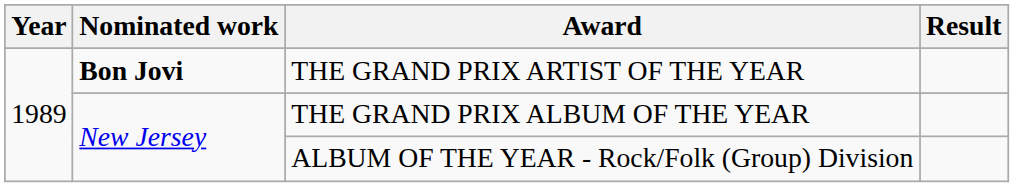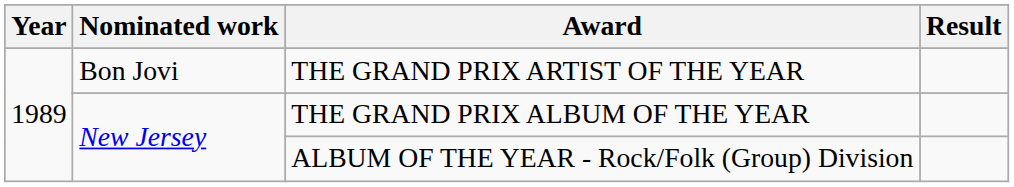 <table class="wikitable">
 <tr>
 <th>Year</th>
 <th>Nominated work</th>
 <th>Award</th>
 <th>Result</th>
 </tr>
 <tr>
 <td rowspan="3">1989</td>
-<td><strong>Bon Jovi</strong></td>
+<td>Bon Jovi</td>
 <td>THE GRAND PRIX ARTIST OF THE YEAR</td>
 <td></td>
 </tr>
 <tr>
 <td rowspan="2"><em><a href='#'>New Jersey</a></em></td>
 <td>THE GRAND PRIX ALBUM OF THE YEAR</td>
 <td></td>
 </tr>
 <tr>
 <td>ALBUM OF THE YEAR - Rock/Folk (Group) Division</td>
 <td></td>
 </tr>
 </table>
